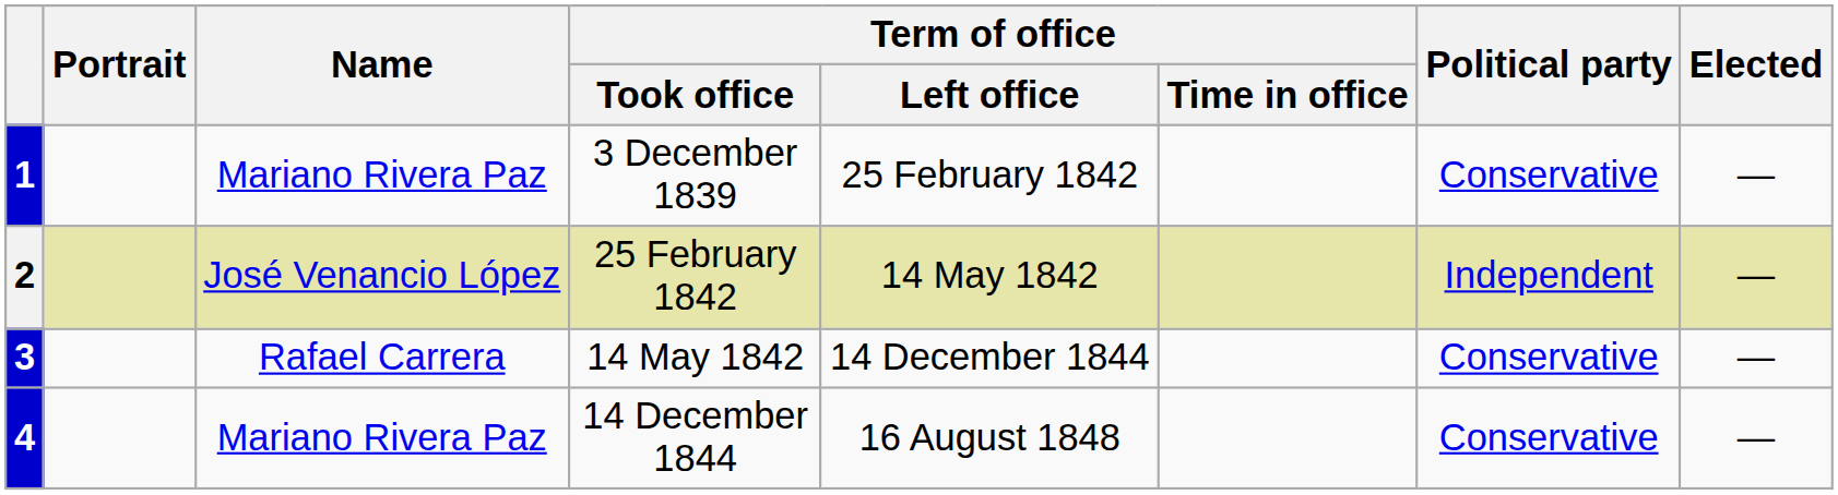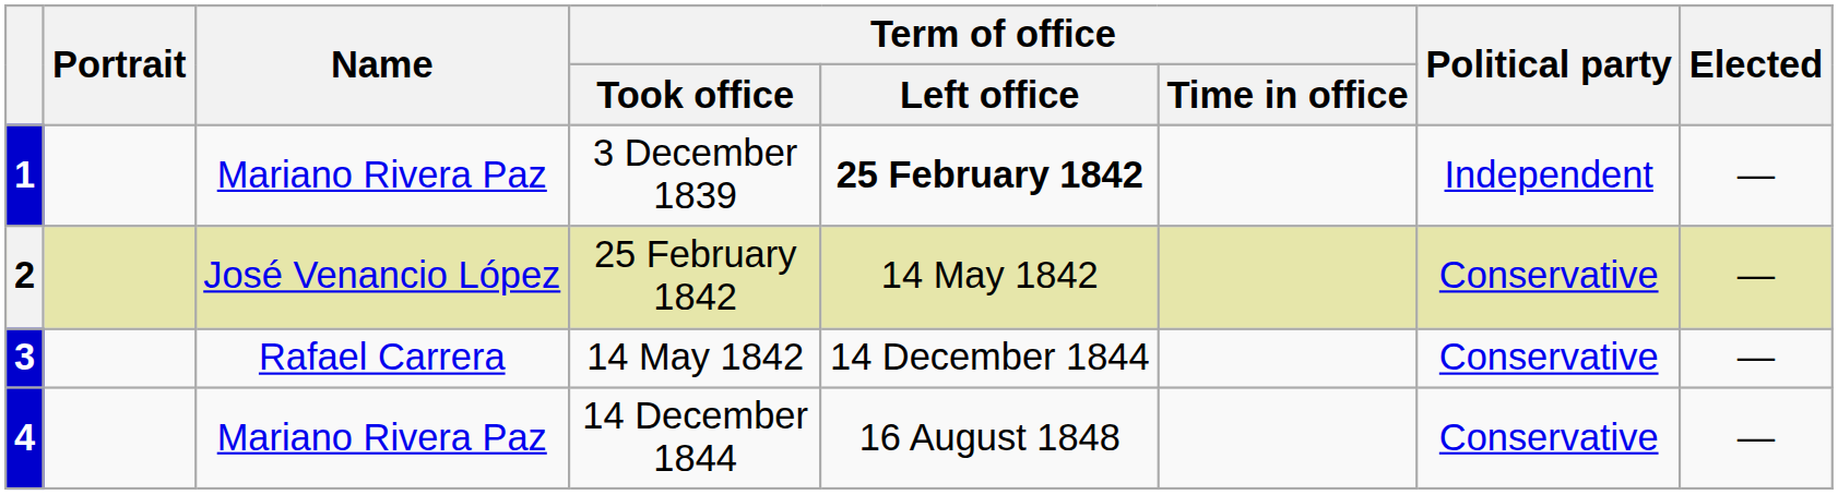 <table class="wikitable" style="text-align:center">
 <tr>
 <th rowspan="2"></th>
 <th rowspan="2">Portrait</th>
 <th rowspan="2">Name<br></th>
 <th colspan="3">Term of office</th>
 <th rowspan="2">Political party</th>
 <th rowspan="2">Elected</th>
 </tr>
 <tr style="background:#cccccc">
 <th width="100">Took office</th>
 <th>Left office</th>
 <th>Time in office</th>
 </tr>
 <tr>
 <th style="background:MediumBlue; color:white">1</th>
 <td></td>
 <td><a href='#'>Mariano Rivera Paz</a><br></td>
 <td>3 December 1839</td>
-<td>25 February 1842</td>
+<td><strong>25 February 1842</strong></td>
 <td></td>
-<td><a href='#'>Conservative</a></td>
+<td><a href='#'>Independent</a></td>
 <td>—</td>
 </tr>
 <tr style="background:#E6E6AA">
 <th style="background:">2</th>
 <td></td>
 <td><a href='#'>José Venancio López</a><br></td>
 <td>25 February 1842</td>
 <td>14 May 1842</td>
 <td></td>
-<td><a href='#'>Independent</a></td>
+<td><a href='#'>Conservative</a></td>
 <td>—</td>
 </tr>
 <tr>
 <th style="background:MediumBlue; color:white">3</th>
 <td></td>
 <td><a href='#'>Rafael Carrera</a><br></td>
 <td>14 May 1842</td>
 <td>14 December 1844</td>
 <td></td>
 <td><a href='#'>Conservative</a></td>
 <td>—</td>
 </tr>
 <tr>
 <th style="background:MediumBlue; color:white">4</th>
 <td></td>
 <td><a href='#'>Mariano Rivera Paz</a><br></td>
 <td>14 December 1844</td>
 <td>16 August 1848</td>
 <td></td>
 <td><a href='#'>Conservative</a></td>
 <td>—</td>
 </tr>
 </table>
